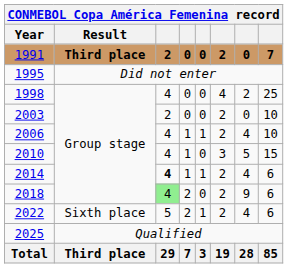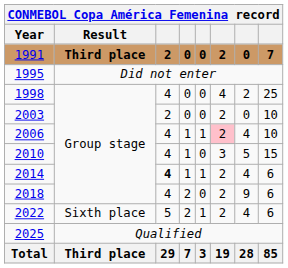 <table class="wikitable" style="text-align: center;">
 <tr>
 <th colspan=8><a href='#'>CONMEBOL Copa América Femenina</a> record</th>
 </tr>
 <tr>
 <th>Year</th>
 <th>Result</th>
 <th></th>
 <th></th>
 <th></th>
 <th></th>
 <th></th>
 <th></th>
 </tr>
 <tr bgcolor="CC9966">
 <td> <a href='#'>1991</a></td>
 <td><strong>Third place</strong></td>
 <td><strong>2</strong></td>
 <td><strong>0</strong></td>
 <td><strong>0</strong></td>
 <td><strong>2</strong></td>
 <td><strong>0</strong></td>
 <td><strong>7</strong></td>
 </tr>
 <tr>
 <td> <a href='#'>1995</a></td>
 <td colspan=7><em>Did not enter</em></td>
 </tr>
 <tr>
 <td> <a href='#'>1998</a></td>
 <td rowspan=6>Group stage</td>
 <td>4</td>
 <td>0</td>
 <td>0</td>
 <td>4</td>
 <td>2</td>
 <td>25</td>
 </tr>
 <tr>
 <td> <a href='#'>2003</a></td>
 <td>2</td>
 <td>0</td>
 <td>0</td>
 <td>2</td>
 <td>0</td>
 <td>10</td>
 </tr>
 <tr>
 <td> <a href='#'>2006</a></td>
 <td>4</td>
 <td>1</td>
 <td>1</td>
-<td>2</td>
+<td style="background: pink;">2</td>
 <td>4</td>
 <td>10</td>
 </tr>
 <tr>
 <td> <a href='#'>2010</a></td>
 <td>4</td>
 <td>1</td>
 <td>0</td>
 <td>3</td>
 <td>5</td>
 <td>15</td>
 </tr>
 <tr>
 <td> <a href='#'>2014</a></td>
 <td><strong>4</strong></td>
 <td>1</td>
 <td>1</td>
 <td>2</td>
 <td>4</td>
 <td>6</td>
 </tr>
 <tr>
 <td> <a href='#'>2018</a></td>
-<td style="background: lightgreen;">4</td>
+<td>4</td>
 <td>2</td>
 <td>0</td>
 <td>2</td>
 <td>9</td>
 <td>6</td>
 </tr>
 <tr>
 <td> <a href='#'>2022</a></td>
 <td>Sixth place</td>
 <td>5</td>
 <td>2</td>
 <td>1</td>
 <td>2</td>
 <td>4</td>
 <td>6</td>
 </tr>
 <tr>
 <td> <a href='#'>2025</a></td>
 <td colspan=7><em>Qualified</em></td>
 </tr>
 <tr>
 <th>Total</th>
 <th>Third place</th>
 <th>29</th>
 <th>7</th>
 <th>3</th>
 <th>19</th>
 <th>28</th>
 <th>85</th>
 </tr>
 </table>
